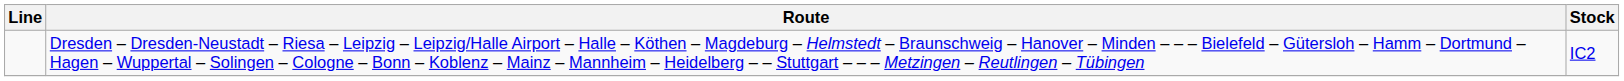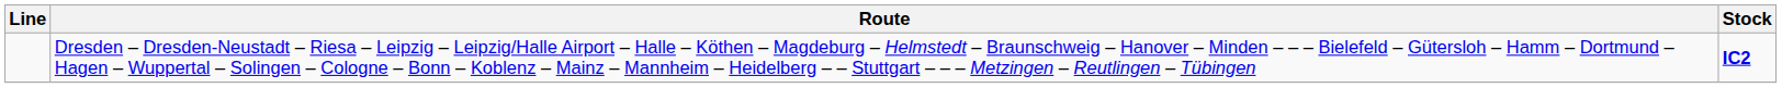 <table class="wikitable">
 <tr>
 <th>Line</th>
 <th>Route</th>
 <th>Stock</th>
 </tr>
 <tr>
 <td></td>
 <td><a href='#'>Dresden</a> – <a href='#'>Dresden-Neustadt</a> – <a href='#'>Riesa</a> – <a href='#'>Leipzig</a> – <a href='#'>Leipzig/Halle Airport</a> – <a href='#'>Halle</a> – <a href='#'>Köthen</a> – <a href='#'>Magdeburg</a> – <em><a href='#'>Helmstedt</a></em> – <a href='#'>Braunschweig</a> – <a href='#'>Hanover</a> – <a href='#'>Minden</a> –  –  – <a href='#'>Bielefeld</a> – <a href='#'>Gütersloh</a> – <a href='#'>Hamm</a> – <a href='#'>Dortmund</a> – <a href='#'>Hagen</a> – <a href='#'>Wuppertal</a> – <a href='#'>Solingen</a> – <a href='#'>Cologne</a> – <a href='#'>Bonn</a> – <a href='#'>Koblenz</a> – <a href='#'>Mainz</a> – <a href='#'>Mannheim</a> – <a href='#'>Heidelberg</a> –  – <a href='#'>Stuttgart</a> <em>–  –  – <a href='#'>Metzingen</a> – <a href='#'>Reutlingen</a> – <a href='#'>Tübingen</a></em></td>
-<td><a href='#'>IC2</a></td>
+<td><strong><a href='#'>IC2</a></strong></td>
 </tr>
 <tr>
 </tr>
 </table>
